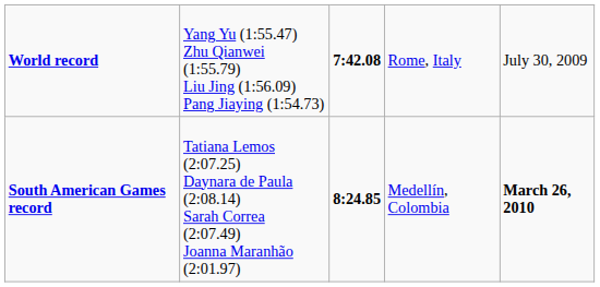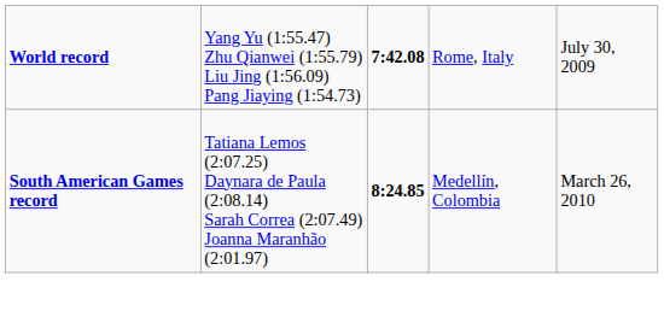 <table class="wikitable">
 <tr>
 <td><strong><a href='#'>World record</a></strong></td>
 <td><br><a href='#'>Yang Yu</a> (1:55.47)<br><a href='#'>Zhu Qianwei</a> (1:55.79)<br><a href='#'>Liu Jing</a> (1:56.09)<br><a href='#'>Pang Jiaying</a> (1:54.73)</td>
 <td><strong>7:42.08</strong></td>
 <td><a href='#'>Rome</a>, <a href='#'>Italy</a></td>
 <td>July 30, 2009</td>
 </tr>
 <tr>
 <td><strong><a href='#'>South American Games record</a></strong></td>
 <td><br><a href='#'>Tatiana Lemos</a> (2:07.25)<br><a href='#'>Daynara de Paula</a> (2:08.14)<br><a href='#'>Sarah Correa</a> (2:07.49)<br><a href='#'>Joanna Maranhão</a> (2:01.97)</td>
 <td><strong>8:24.85</strong></td>
 <td><a href='#'>Medellín</a>, <a href='#'>Colombia</a></td>
-<td><strong>March 26, 2010</strong></td>
+<td>March 26, 2010</td>
 </tr>
 </table>
